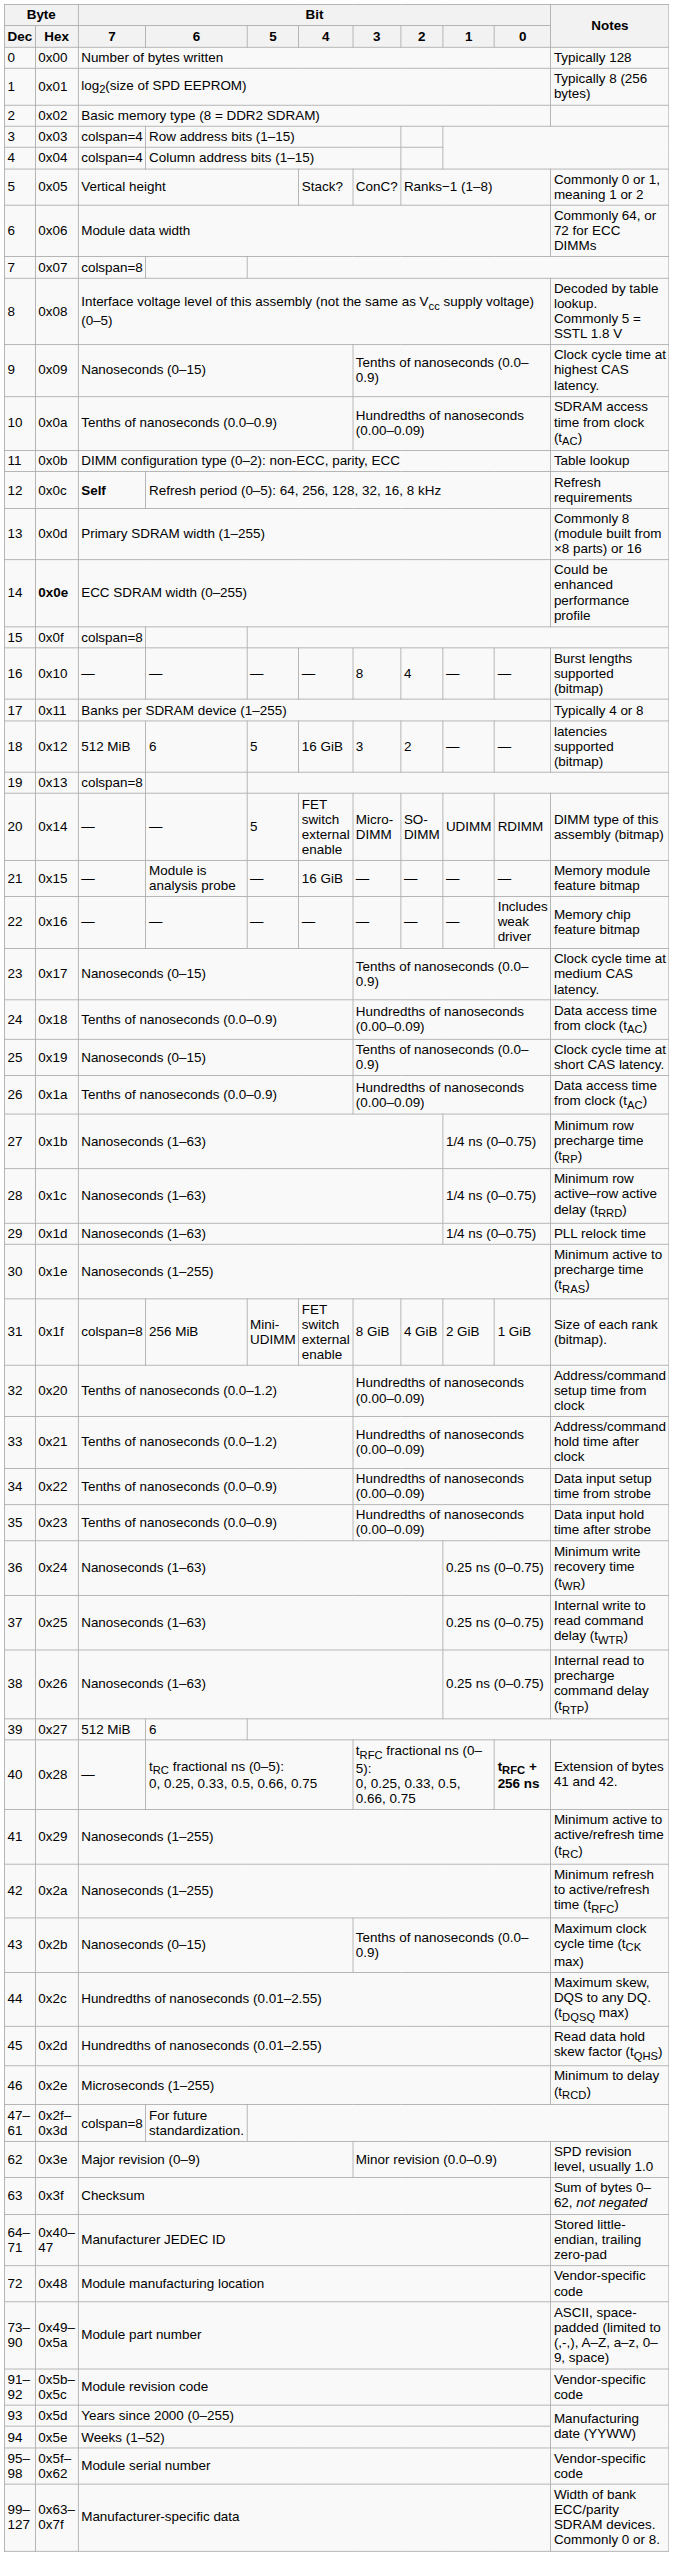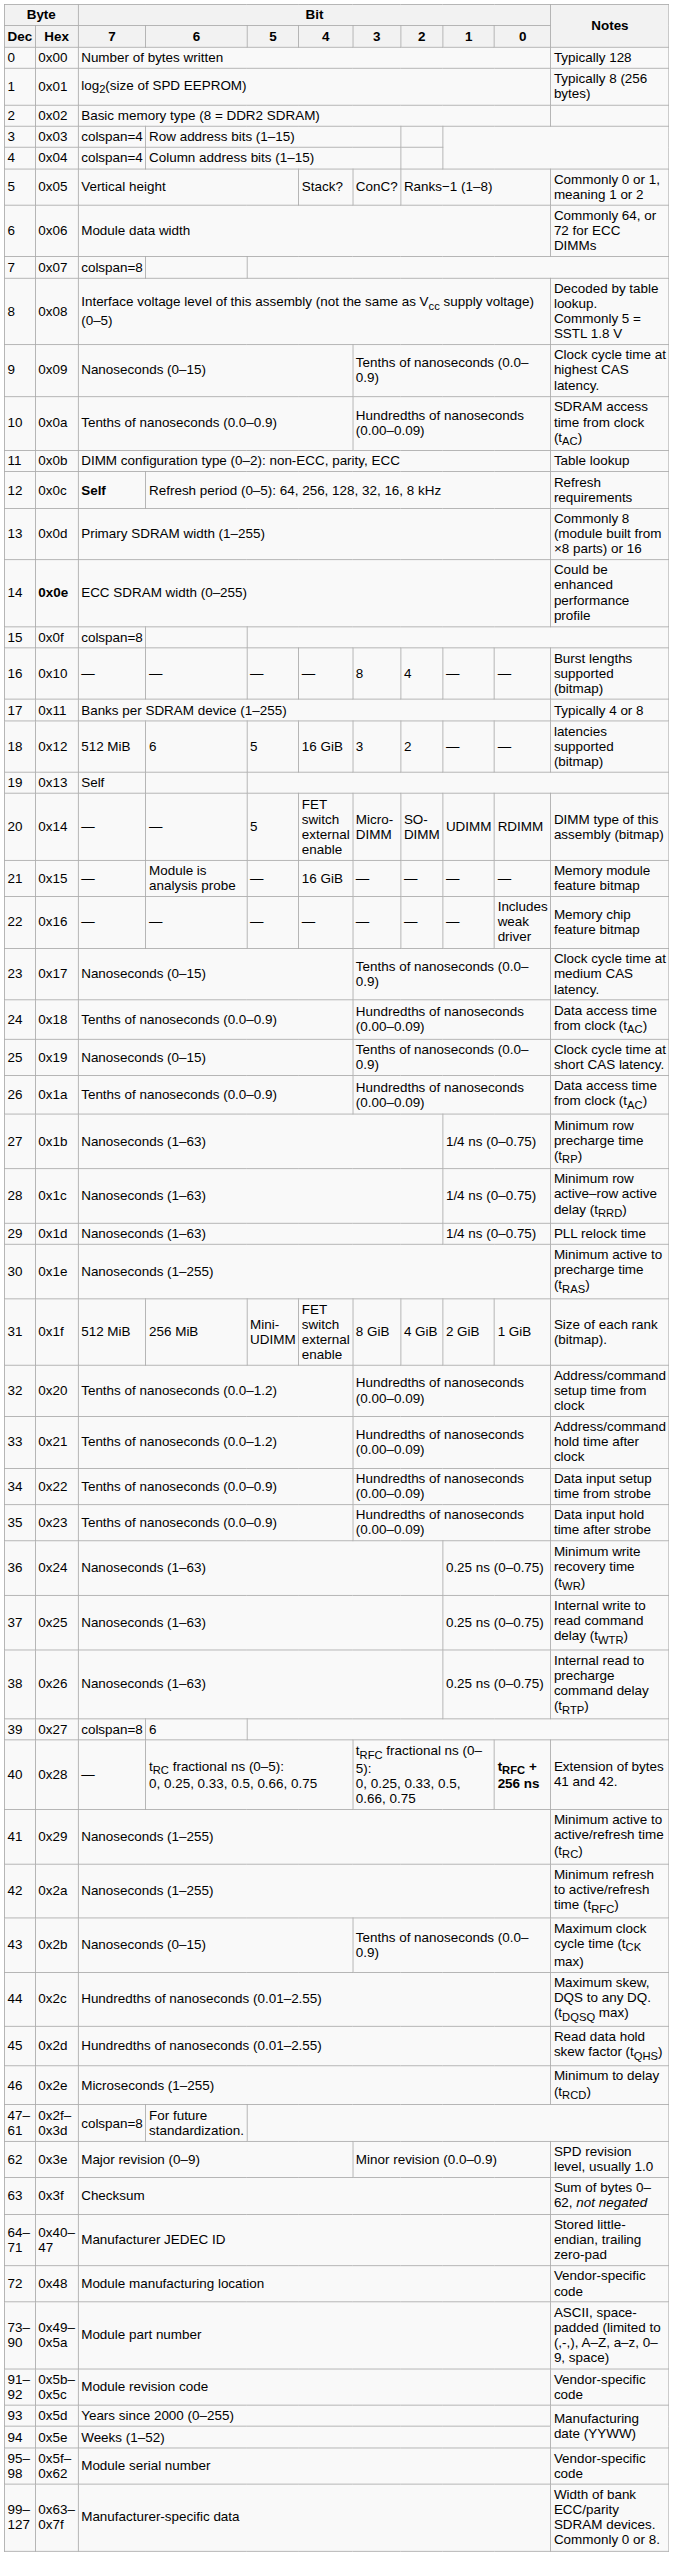 <table class=wikitable>
 <tr>
 <th colspan=2>Byte</th>
 <th colspan=8>Bit</th>
 <th rowspan=2>Notes</th>
 </tr>
 <tr>
 <th>Dec</th>
 <th>Hex</th>
 <th>7</th>
 <th>6</th>
 <th>5</th>
 <th>4</th>
 <th>3</th>
 <th>2</th>
 <th>1</th>
 <th>0</th>
 </tr>
 <tr>
 <td>0</td>
 <td>0x00</td>
 <td colspan=8>Number of bytes written</td>
 <td>Typically 128</td>
 </tr>
 <tr>
 <td>1</td>
 <td>0x01</td>
 <td colspan=8>log<sub>2</sub>(size of SPD EEPROM)</td>
 <td>Typically 8 (256 bytes)</td>
 </tr>
 <tr>
 <td>2</td>
 <td>0x02</td>
 <td colspan=8>Basic memory type (8 = DDR2 SDRAM)</td>
 <td></td>
 </tr>
 <tr>
 <td>3</td>
 <td>0x03</td>
 <td>colspan=4 </td>
 <td colspan=4>Row address bits (1–15)</td>
 <td></td>
 </tr>
 <tr>
 <td>4</td>
 <td>0x04</td>
 <td>colspan=4 </td>
 <td colspan=4>Column address bits (1–15)</td>
 <td></td>
 </tr>
 <tr>
 <td>5</td>
 <td>0x05</td>
 <td colspan=3>Vertical height</td>
 <td>Stack?</td>
 <td>ConC?</td>
 <td colspan=3>Ranks−1 (1–8)</td>
 <td>Commonly 0 or 1, meaning 1 or 2</td>
 </tr>
 <tr>
 <td>6</td>
 <td>0x06</td>
 <td colspan=8>Module data width</td>
 <td>Commonly 64, or 72 for ECC DIMMs</td>
 </tr>
 <tr>
 <td>7</td>
 <td>0x07</td>
 <td>colspan=8 </td>
 <td></td>
 </tr>
 <tr>
 <td>8</td>
 <td>0x08</td>
 <td colspan=8>Interface voltage level of this assembly (not the same as V<sub>cc</sub> supply voltage) (0–5)</td>
 <td>Decoded by table lookup.<br>Commonly 5 = SSTL 1.8 V</td>
 </tr>
 <tr>
 <td>9</td>
 <td>0x09</td>
 <td colspan=4>Nanoseconds (0–15)</td>
 <td colspan=4>Tenths of nanoseconds (0.0–0.9)</td>
 <td>Clock cycle time at highest CAS latency.</td>
 </tr>
 <tr>
 <td>10</td>
 <td>0x0a</td>
 <td colspan=4>Tenths of nanoseconds (0.0–0.9)</td>
 <td colspan=4>Hundredths of nanoseconds (0.00–0.09)</td>
 <td>SDRAM access time from clock (t<sub>AC</sub>)</td>
 </tr>
 <tr>
 <td>11</td>
 <td>0x0b</td>
 <td colspan=8>DIMM configuration type (0–2): non-ECC, parity, ECC</td>
 <td>Table lookup</td>
 </tr>
 <tr>
 <td>12</td>
 <td>0x0c</td>
 <td><strong>Self</strong></td>
 <td colspan=7>Refresh period (0–5): 64, 256, 128, 32, 16, 8 kHz</td>
 <td>Refresh requirements</td>
 </tr>
 <tr>
 <td>13</td>
 <td>0x0d</td>
 <td colspan=8>Primary SDRAM width (1–255)</td>
 <td>Commonly 8 (module built from ×8 parts) or 16</td>
 </tr>
 <tr>
 <td>14</td>
 <td><strong>0x0e</strong></td>
 <td colspan=8>ECC SDRAM width (0–255)</td>
 <td>Could be enhanced performance profile</td>
 </tr>
 <tr>
 <td>15</td>
 <td>0x0f</td>
 <td>colspan=8 </td>
 <td></td>
 </tr>
 <tr>
 <td>16</td>
 <td>0x10</td>
 <td>—</td>
 <td>—</td>
 <td>—</td>
 <td>—</td>
 <td>8</td>
 <td>4</td>
 <td>—</td>
 <td>—</td>
 <td>Burst lengths supported (bitmap)</td>
 </tr>
 <tr>
 <td>17</td>
 <td>0x11</td>
 <td colspan=8>Banks per SDRAM device (1–255)</td>
 <td>Typically 4 or 8</td>
 </tr>
 <tr>
 <td>18</td>
 <td>0x12</td>
 <td>512 MiB</td>
 <td>6</td>
 <td>5</td>
 <td>16 GiB</td>
 <td>3</td>
 <td>2</td>
 <td>—</td>
 <td>—</td>
 <td> latencies supported (bitmap)</td>
 </tr>
 <tr>
 <td>19</td>
 <td>0x13</td>
-<td>colspan=8 </td>
+<td>Self</td>
 <td></td>
 </tr>
 <tr>
 <td>20</td>
 <td>0x14</td>
 <td>—</td>
 <td>—</td>
 <td>5</td>
 <td>FET switch external enable</td>
 <td>Micro-DIMM</td>
 <td>SO-DIMM</td>
 <td>UDIMM</td>
 <td>RDIMM</td>
 <td>DIMM type of this assembly (bitmap)</td>
 </tr>
 <tr>
 <td>21</td>
 <td>0x15</td>
 <td>—</td>
 <td>Module is analysis probe</td>
 <td>—</td>
 <td>16 GiB</td>
 <td>—</td>
 <td>—</td>
 <td>—</td>
 <td>—</td>
 <td>Memory module feature bitmap</td>
 </tr>
 <tr>
 <td>22</td>
 <td>0x16</td>
 <td>—</td>
 <td>—</td>
 <td>—</td>
 <td>—</td>
 <td>—</td>
 <td>—</td>
 <td>—</td>
 <td>Includes weak driver</td>
 <td>Memory chip feature bitmap</td>
 </tr>
 <tr>
 <td>23</td>
 <td>0x17</td>
 <td colspan=4>Nanoseconds (0–15)</td>
 <td colspan=4>Tenths of nanoseconds (0.0–0.9)</td>
 <td>Clock cycle time at medium CAS latency.</td>
 </tr>
 <tr>
 <td>24</td>
 <td>0x18</td>
 <td colspan=4>Tenths of nanoseconds (0.0–0.9)</td>
 <td colspan=4>Hundredths of nanoseconds (0.00–0.09)</td>
 <td>Data access time from clock (t<sub>AC</sub>)</td>
 </tr>
 <tr>
 <td>25</td>
 <td>0x19</td>
 <td colspan=4>Nanoseconds (0–15)</td>
 <td colspan=4>Tenths of nanoseconds (0.0–0.9)</td>
 <td>Clock cycle time at short CAS latency.</td>
 </tr>
 <tr>
 <td>26</td>
 <td>0x1a</td>
 <td colspan=4>Tenths of nanoseconds (0.0–0.9)</td>
 <td colspan=4>Hundredths of nanoseconds (0.00–0.09)</td>
 <td>Data access time from clock (t<sub>AC</sub>)</td>
 </tr>
 <tr>
 <td>27</td>
 <td>0x1b</td>
 <td colspan=6>Nanoseconds (1–63)</td>
 <td colspan=2>1/4 ns (0–0.75)</td>
 <td>Minimum row precharge time (t<sub>RP</sub>)</td>
 </tr>
 <tr>
 <td>28</td>
 <td>0x1c</td>
 <td colspan=6>Nanoseconds (1–63)</td>
 <td colspan=2>1/4 ns (0–0.75)</td>
 <td>Minimum row active–row active delay (t<sub>RRD</sub>)</td>
 </tr>
 <tr>
 <td>29</td>
 <td>0x1d</td>
 <td colspan=6>Nanoseconds (1–63)</td>
 <td colspan=2>1/4 ns (0–0.75)</td>
 <td>PLL relock time</td>
 </tr>
 <tr>
 <td>30</td>
 <td>0x1e</td>
 <td colspan=8>Nanoseconds (1–255)</td>
 <td>Minimum active to precharge time (t<sub>RAS</sub>)</td>
 </tr>
 <tr>
 <td>31</td>
 <td>0x1f</td>
-<td>colspan=8 </td>
+<td>512 MiB</td>
 <td>256 MiB</td>
 <td>Mini-UDIMM</td>
 <td>FET switch external enable</td>
 <td>8 GiB</td>
 <td>4 GiB</td>
 <td>2 GiB</td>
 <td>1 GiB</td>
 <td>Size of each rank (bitmap).</td>
 </tr>
 <tr>
 <td>32</td>
 <td>0x20</td>
 <td colspan=4>Tenths of nanoseconds (0.0–1.2)</td>
 <td colspan=4>Hundredths of nanoseconds (0.00–0.09)</td>
 <td>Address/command setup time from clock</td>
 </tr>
 <tr>
 <td>33</td>
 <td>0x21</td>
 <td colspan=4>Tenths of nanoseconds (0.0–1.2)</td>
 <td colspan=4>Hundredths of nanoseconds (0.00–0.09)</td>
 <td>Address/command hold time after clock</td>
 </tr>
 <tr>
 <td>34</td>
 <td>0x22</td>
 <td colspan=4>Tenths of nanoseconds (0.0–0.9)</td>
 <td colspan=4>Hundredths of nanoseconds (0.00–0.09)</td>
 <td>Data input setup time from strobe</td>
 </tr>
 <tr>
 <td>35</td>
 <td>0x23</td>
 <td colspan=4>Tenths of nanoseconds (0.0–0.9)</td>
 <td colspan=4>Hundredths of nanoseconds (0.00–0.09)</td>
 <td>Data input hold time after strobe</td>
 </tr>
 <tr>
 <td>36</td>
 <td>0x24</td>
 <td colspan=6>Nanoseconds (1–63)</td>
 <td colspan=2>0.25 ns (0–0.75)</td>
 <td>Minimum write recovery time (t<sub>WR</sub>)</td>
 </tr>
 <tr>
 <td>37</td>
 <td>0x25</td>
 <td colspan=6>Nanoseconds (1–63)</td>
 <td colspan=2>0.25 ns (0–0.75)</td>
 <td>Internal write to read command delay (t<sub>WTR</sub>)</td>
 </tr>
 <tr>
 <td>38</td>
 <td>0x26</td>
 <td colspan=6>Nanoseconds (1–63)</td>
 <td colspan=2>0.25 ns (0–0.75)</td>
 <td>Internal read to precharge command delay (t<sub>RTP</sub>)</td>
 </tr>
 <tr>
 <td>39</td>
 <td>0x27</td>
-<td>512 MiB</td>
+<td>colspan=8 </td>
 <td>6</td>
 </tr>
 <tr>
 <td>40</td>
 <td>0x28</td>
 <td>—</td>
 <td colspan=3>t<sub>RC</sub> fractional ns (0–5):<br>0, 0.25, 0.33, 0.5, 0.66, 0.75</td>
 <td colspan=3>t<sub>RFC</sub> fractional ns (0–5):<br>0, 0.25, 0.33, 0.5, 0.66, 0.75</td>
 <td><strong>t<sub>RFC</sub> + 256 ns</strong></td>
 <td>Extension of bytes 41 and 42.</td>
 </tr>
 <tr>
 <td>41</td>
 <td>0x29</td>
 <td colspan=8>Nanoseconds (1–255)</td>
 <td>Minimum active to active/refresh time (t<sub>RC</sub>)</td>
 </tr>
 <tr>
 <td>42</td>
 <td>0x2a</td>
 <td colspan=8>Nanoseconds (1–255)</td>
 <td>Minimum refresh to active/refresh time (t<sub>RFC</sub>)</td>
 </tr>
 <tr>
 <td>43</td>
 <td>0x2b</td>
 <td colspan=4>Nanoseconds (0–15)</td>
 <td colspan=4>Tenths of nanoseconds (0.0–0.9)</td>
 <td>Maximum clock cycle time (t<sub>CK</sub> max)</td>
 </tr>
 <tr>
 <td>44</td>
 <td>0x2c</td>
 <td colspan=8>Hundredths of nanoseconds (0.01–2.55)</td>
 <td>Maximum skew, DQS to any DQ. (t<sub>DQSQ</sub> max)</td>
 </tr>
 <tr>
 <td>45</td>
 <td>0x2d</td>
 <td colspan=8>Hundredths of nanoseconds (0.01–2.55)</td>
 <td>Read data hold skew factor (t<sub>QHS</sub>)</td>
 </tr>
 <tr>
 <td>46</td>
 <td>0x2e</td>
 <td colspan=8>Microseconds (1–255)</td>
 <td>Minimum  to  delay (t<sub>RCD</sub>)</td>
 </tr>
 <tr>
 <td>47–61</td>
 <td>0x2f–0x3d</td>
 <td>colspan=8 </td>
 <td>For future standardization.</td>
 </tr>
 <tr>
 <td>62</td>
 <td>0x3e</td>
 <td colspan=4>Major revision (0–9)</td>
 <td colspan=4>Minor revision (0.0–0.9)</td>
 <td>SPD revision level, usually 1.0</td>
 </tr>
 <tr>
 <td>63</td>
 <td>0x3f</td>
 <td colspan=8>Checksum</td>
 <td>Sum of bytes 0–62, <em>not negated</em></td>
 </tr>
 <tr>
 <td>64–71</td>
 <td>0x40–47</td>
 <td colspan=8>Manufacturer JEDEC ID</td>
 <td>Stored little-endian, trailing zero-pad</td>
 </tr>
 <tr>
 <td>72</td>
 <td>0x48</td>
 <td colspan=8>Module manufacturing location</td>
 <td>Vendor-specific code</td>
 </tr>
 <tr>
 <td>73–90</td>
 <td>0x49–0x5a</td>
 <td colspan=8>Module part number</td>
 <td>ASCII, space-padded (limited to (,-,), A–Z, a–z, 0–9, space)</td>
 </tr>
 <tr>
 <td>91–92</td>
 <td>0x5b–0x5c</td>
 <td colspan=8>Module revision code</td>
 <td>Vendor-specific code</td>
 </tr>
 <tr>
 <td>93</td>
 <td>0x5d</td>
 <td colspan=8>Years since 2000 (0–255)</td>
 <td rowspan=2>Manufacturing date (YYWW)</td>
 </tr>
 <tr>
 <td>94</td>
 <td>0x5e</td>
 <td colspan=8>Weeks (1–52)</td>
 </tr>
 <tr>
 <td>95–98</td>
 <td>0x5f–0x62</td>
 <td colspan=8>Module serial number</td>
 <td>Vendor-specific code</td>
 </tr>
 <tr>
 <td>99–127</td>
 <td>0x63–0x7f</td>
 <td colspan=8>Manufacturer-specific data</td>
 <td>Width of bank ECC/parity SDRAM devices.  Commonly 0 or 8.</td>
 </tr>
 </table>
